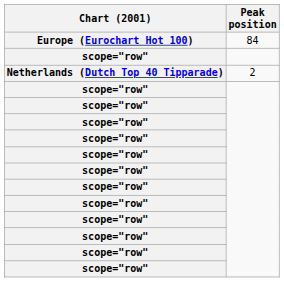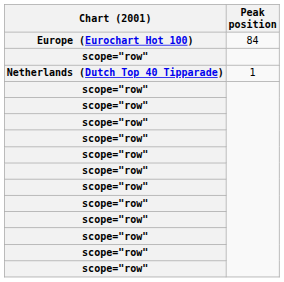 <table class="wikitable sortable plainrowheaders" style="text-align:center;">
 <tr>
 <th scope="col">Chart (2001)</th>
 <th scope="col">Peak<br>position</th>
 </tr>
 <tr>
 <th scope="row">Europe (<a href='#'>Eurochart Hot 100</a>)</th>
 <td>84</td>
 </tr>
 <tr>
 <th>scope="row"</th>
 </tr>
 <tr>
 <th scope="row">Netherlands (<a href='#'>Dutch Top 40 Tipparade</a>)</th>
-<td>2</td>
+<td>1</td>
 </tr>
 <tr>
 <th>scope="row"</th>
 </tr>
 <tr>
 <th>scope="row"</th>
 </tr>
 <tr>
 <th>scope="row"</th>
 </tr>
 <tr>
 <th>scope="row"</th>
 </tr>
 <tr>
 <th>scope="row"</th>
 </tr>
 <tr>
 <th>scope="row"</th>
 </tr>
 <tr>
 <th>scope="row"</th>
 </tr>
 <tr>
 <th>scope="row"</th>
 </tr>
 <tr>
 <th>scope="row"</th>
 </tr>
 <tr>
 <th>scope="row"</th>
 </tr>
 <tr>
 <th>scope="row"</th>
 </tr>
 <tr>
 <th>scope="row"</th>
 </tr>
 </table>
